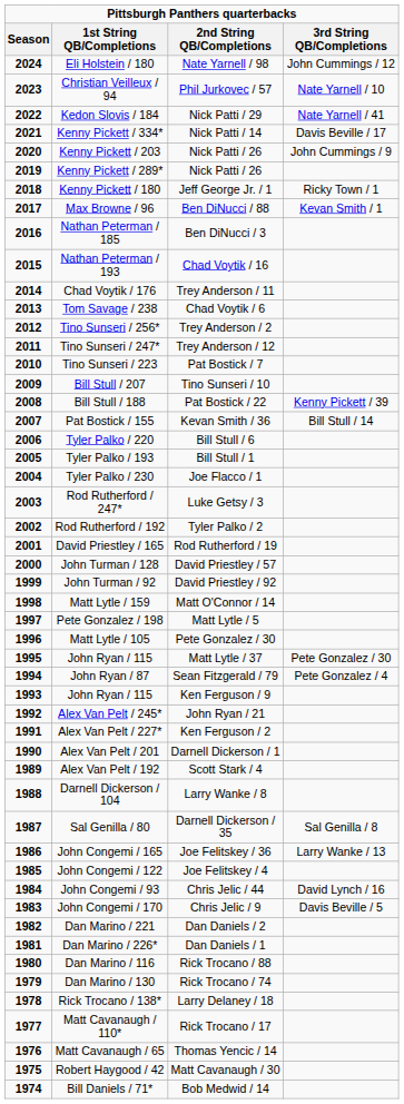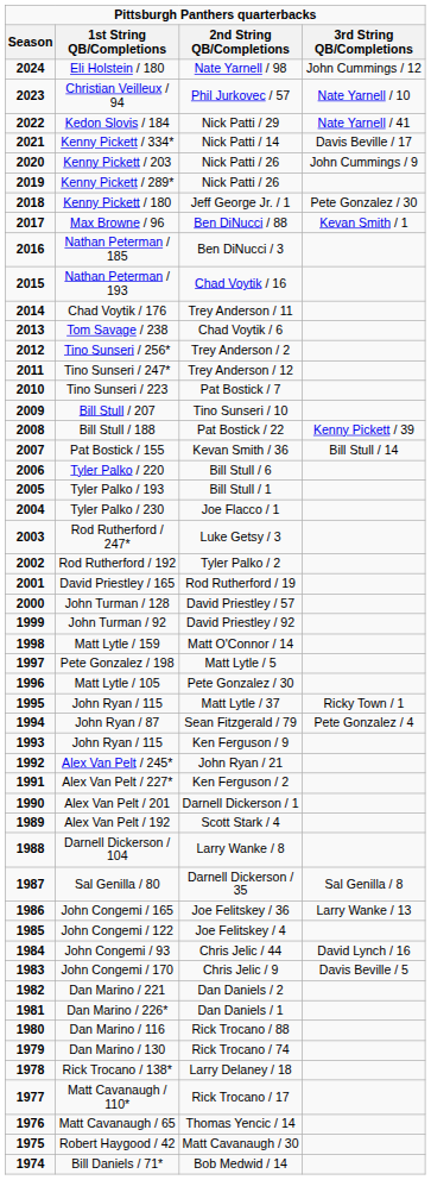 <table class="wikitable sortable" style="text-align:center">
 <tr>
 <td colspan="5"><strong>Pittsburgh Panthers quarterbacks</strong></td>
 </tr>
 <tr>
 <th width=40px>Season</th>
 <th width=150px>1st String QB/Completions</th>
 <th width=150px>2nd String QB/Completions</th>
 <th width=150px>3rd String QB/Completions</th>
 </tr>
 <tr>
 <td><strong>2024</strong></td>
 <td><a href='#'>Eli Holstein</a> / 180</td>
 <td><a href='#'>Nate Yarnell</a> / 98</td>
 <td>John Cummings / 12</td>
 </tr>
 <tr>
 <td><strong>2023</strong></td>
 <td><a href='#'>Christian Veilleux</a> / 94</td>
 <td><a href='#'>Phil Jurkovec</a> / 57</td>
 <td><a href='#'>Nate Yarnell</a> / 10</td>
 </tr>
 <tr>
 <td><strong>2022</strong></td>
 <td><a href='#'>Kedon Slovis</a> / 184</td>
 <td>Nick Patti / 29</td>
 <td><a href='#'>Nate Yarnell</a> / 41</td>
 </tr>
 <tr>
 <td><strong>2021</strong></td>
 <td><a href='#'>Kenny Pickett</a> / 334*</td>
 <td>Nick Patti / 14</td>
 <td>Davis Beville / 17</td>
 </tr>
 <tr>
 <td><strong>2020</strong></td>
 <td><a href='#'>Kenny Pickett</a> / 203</td>
 <td>Nick Patti / 26</td>
 <td>John Cummings / 9</td>
 </tr>
 <tr>
 <td><strong>2019</strong></td>
 <td><a href='#'>Kenny Pickett</a> / 289*</td>
 <td>Nick Patti / 26</td>
 <td></td>
 </tr>
 <tr>
 <td><strong>2018</strong></td>
 <td><a href='#'>Kenny Pickett</a> / 180</td>
 <td>Jeff George Jr. / 1</td>
-<td>Ricky Town / 1</td>
+<td>Pete Gonzalez / 30</td>
 </tr>
 <tr>
 <td><strong>2017</strong></td>
 <td><a href='#'>Max Browne</a> / 96</td>
 <td><a href='#'>Ben DiNucci</a> / 88</td>
 <td><a href='#'>Kevan Smith</a> / 1</td>
 </tr>
 <tr>
 <td><strong>2016</strong></td>
 <td><a href='#'>Nathan Peterman</a> / 185</td>
 <td>Ben DiNucci / 3</td>
 <td></td>
 </tr>
 <tr>
 <td><strong>2015</strong></td>
 <td><a href='#'>Nathan Peterman</a> / 193</td>
 <td><a href='#'>Chad Voytik</a> / 16</td>
 <td></td>
 </tr>
 <tr>
 <td><strong>2014</strong></td>
 <td>Chad Voytik / 176</td>
 <td>Trey Anderson / 11</td>
 <td></td>
 </tr>
 <tr>
 <td><strong>2013</strong></td>
 <td><a href='#'>Tom Savage</a> / 238</td>
 <td>Chad Voytik / 6</td>
 <td></td>
 </tr>
 <tr>
 <td><strong>2012</strong></td>
 <td><a href='#'>Tino Sunseri</a> / 256*</td>
 <td>Trey Anderson / 2</td>
 <td></td>
 </tr>
 <tr>
 <td><strong>2011</strong></td>
 <td>Tino Sunseri / 247*</td>
 <td>Trey Anderson / 12</td>
 <td></td>
 </tr>
 <tr>
 <td><strong>2010</strong></td>
 <td>Tino Sunseri / 223</td>
 <td>Pat Bostick / 7</td>
 <td></td>
 </tr>
 <tr>
 <td><strong>2009</strong></td>
 <td><a href='#'>Bill Stull</a> / 207</td>
 <td>Tino Sunseri / 10</td>
 <td></td>
 </tr>
 <tr>
 <td><strong>2008</strong></td>
 <td>Bill Stull / 188</td>
 <td>Pat Bostick / 22</td>
 <td><a href='#'>Kenny Pickett</a> / 39</td>
 </tr>
 <tr>
 <td><strong>2007</strong></td>
 <td>Pat Bostick / 155</td>
 <td>Kevan Smith / 36</td>
 <td>Bill Stull / 14</td>
 </tr>
 <tr>
 <td><strong>2006</strong></td>
 <td><a href='#'>Tyler Palko</a> / 220</td>
 <td>Bill Stull / 6</td>
 <td></td>
 </tr>
 <tr>
 <td><strong>2005</strong></td>
 <td>Tyler Palko / 193</td>
 <td>Bill Stull / 1</td>
 <td></td>
 </tr>
 <tr>
 <td><strong>2004</strong></td>
 <td>Tyler Palko / 230</td>
 <td>Joe Flacco / 1</td>
 <td></td>
 </tr>
 <tr>
 <td><strong>2003</strong></td>
 <td>Rod Rutherford / 247*</td>
 <td>Luke Getsy / 3</td>
 <td></td>
 </tr>
 <tr>
 <td><strong>2002</strong></td>
 <td>Rod Rutherford / 192</td>
 <td>Tyler Palko / 2</td>
 <td></td>
 </tr>
 <tr>
 <td><strong>2001</strong></td>
 <td>David Priestley / 165</td>
 <td>Rod Rutherford / 19</td>
 <td></td>
 </tr>
 <tr>
 <td><strong>2000</strong></td>
 <td>John Turman / 128</td>
 <td>David Priestley / 57</td>
 <td></td>
 </tr>
 <tr>
 <td><strong>1999</strong></td>
 <td>John Turman / 92</td>
 <td>David Priestley / 92</td>
 <td></td>
 </tr>
 <tr>
 <td><strong>1998</strong></td>
 <td>Matt Lytle / 159</td>
 <td>Matt O'Connor / 14</td>
 <td></td>
 </tr>
 <tr>
 <td><strong>1997</strong></td>
 <td>Pete Gonzalez / 198</td>
 <td>Matt Lytle / 5</td>
 <td></td>
 </tr>
 <tr>
 <td><strong>1996</strong></td>
 <td>Matt Lytle / 105</td>
 <td>Pete Gonzalez / 30</td>
 <td></td>
 </tr>
 <tr>
 <td><strong>1995</strong></td>
 <td>John Ryan / 115</td>
 <td>Matt Lytle / 37</td>
-<td>Pete Gonzalez / 30</td>
+<td>Ricky Town / 1</td>
 </tr>
 <tr>
 <td><strong>1994</strong></td>
 <td>John Ryan / 87</td>
 <td>Sean Fitzgerald / 79</td>
 <td>Pete Gonzalez / 4</td>
 </tr>
 <tr>
 <td><strong>1993</strong></td>
 <td>John Ryan / 115</td>
 <td>Ken Ferguson / 9</td>
 <td></td>
 </tr>
 <tr>
 <td><strong>1992</strong></td>
 <td><a href='#'>Alex Van Pelt</a> / 245*</td>
 <td>John Ryan / 21</td>
 <td></td>
 </tr>
 <tr>
 <td><strong>1991</strong></td>
 <td>Alex Van Pelt / 227*</td>
 <td>Ken Ferguson / 2</td>
 <td></td>
 </tr>
 <tr>
 <td><strong>1990</strong></td>
 <td>Alex Van Pelt / 201</td>
 <td>Darnell Dickerson / 1</td>
 <td></td>
 </tr>
 <tr>
 <td><strong>1989</strong></td>
 <td>Alex Van Pelt / 192</td>
 <td>Scott Stark / 4</td>
 <td></td>
 </tr>
 <tr>
 <td><strong>1988</strong></td>
 <td>Darnell Dickerson / 104</td>
 <td>Larry Wanke / 8</td>
 <td></td>
 </tr>
 <tr>
 <td><strong>1987</strong></td>
 <td>Sal Genilla / 80</td>
 <td>Darnell Dickerson / 35</td>
 <td>Sal Genilla / 8</td>
 </tr>
 <tr>
 <td><strong>1986</strong></td>
 <td>John Congemi / 165</td>
 <td>Joe Felitskey / 36</td>
 <td>Larry Wanke / 13</td>
 </tr>
 <tr>
 <td><strong>1985</strong></td>
 <td>John Congemi / 122</td>
 <td>Joe Felitskey / 4</td>
 <td></td>
 </tr>
 <tr>
 <td><strong>1984</strong></td>
 <td>John Congemi / 93</td>
 <td>Chris Jelic / 44</td>
 <td>David Lynch / 16</td>
 </tr>
 <tr>
 <td><strong>1983</strong></td>
 <td>John Congemi / 170</td>
 <td>Chris Jelic / 9</td>
 <td>Davis Beville / 5</td>
 </tr>
 <tr>
 <td><strong>1982</strong></td>
 <td>Dan Marino / 221</td>
 <td>Dan Daniels / 2</td>
 <td></td>
 </tr>
 <tr>
 <td><strong>1981</strong></td>
 <td>Dan Marino / 226*</td>
 <td>Dan Daniels / 1</td>
 <td></td>
 </tr>
 <tr>
 <td><strong>1980</strong></td>
 <td>Dan Marino / 116</td>
 <td>Rick Trocano / 88</td>
 <td></td>
 </tr>
 <tr>
 <td><strong>1979</strong></td>
 <td>Dan Marino / 130</td>
 <td>Rick Trocano / 74</td>
 <td></td>
 </tr>
 <tr>
 <td><strong>1978</strong></td>
 <td>Rick Trocano / 138*</td>
 <td>Larry Delaney / 18</td>
 <td></td>
 </tr>
 <tr>
 <td><strong>1977</strong></td>
 <td>Matt Cavanaugh / 110*</td>
 <td>Rick Trocano / 17</td>
 <td></td>
 </tr>
 <tr>
 <td><strong>1976</strong></td>
 <td>Matt Cavanaugh / 65</td>
 <td>Thomas Yencic / 14</td>
 <td></td>
 </tr>
 <tr>
 <td><strong>1975</strong></td>
 <td>Robert Haygood / 42</td>
 <td>Matt Cavanaugh / 30</td>
 <td></td>
 </tr>
 <tr>
 <td><strong>1974</strong></td>
 <td>Bill Daniels / 71*</td>
 <td>Bob Medwid / 14</td>
 <td></td>
 </tr>
 </table>
